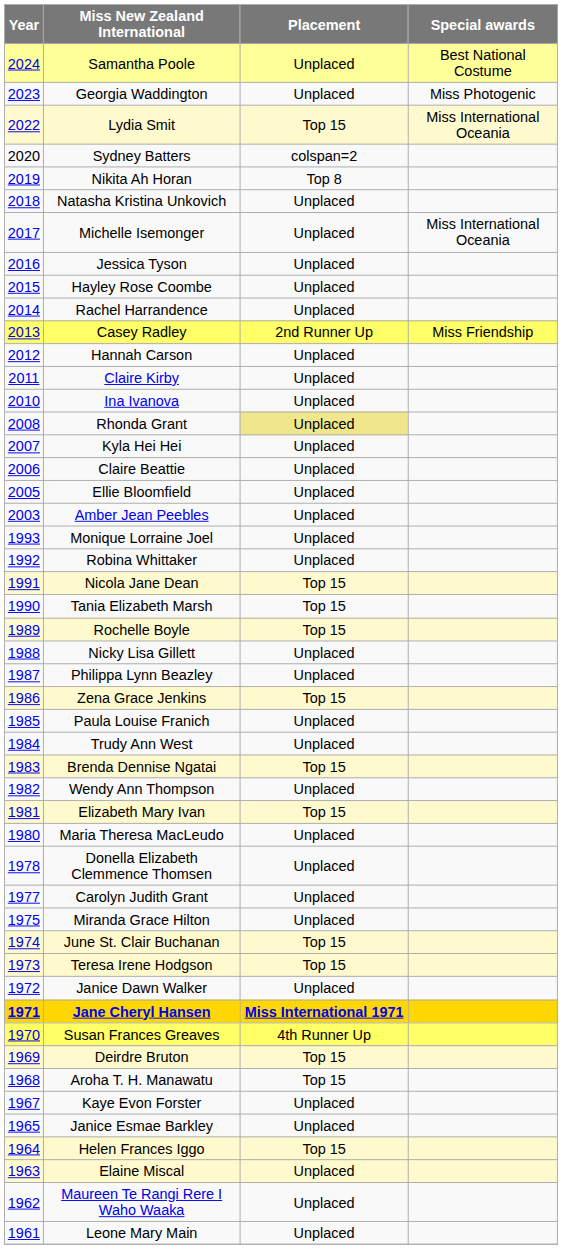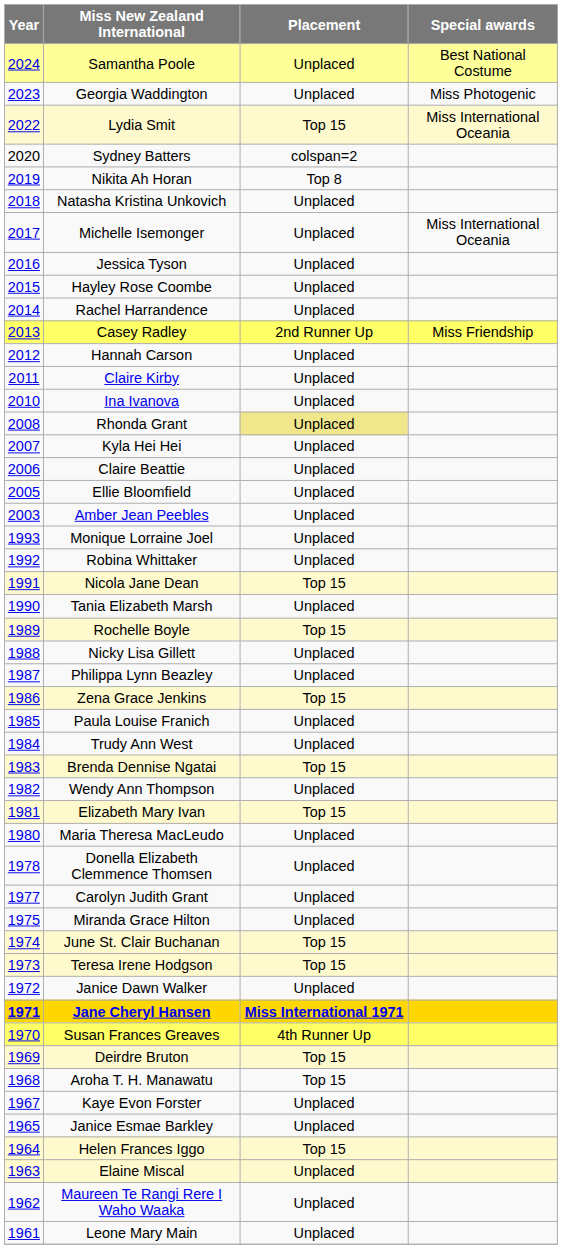 <table class="wikitable sortable" style="font-size: 95%; text-align:center">
 <tr>
 <th width="30" style="background-color:#787878;color:#FFFFFF;">Year</th>
 <th width="200" style="background-color:#787878;color:#FFFFFF;">Miss New Zealand International</th>
 <th width="170" style="background-color:#787878;color:#FFFFFF;">Placement</th>
 <th width="150" style="background-color:#787878;color:#FFFFFF;">Special awards</th>
 </tr>
 <tr style="background-color:#FFFF99;">
 <td><a href='#'>2024</a></td>
 <td>Samantha Poole</td>
 <td>Unplaced</td>
 <td>Best National Costume</td>
 </tr>
 <tr>
 <td><a href='#'>2023</a></td>
 <td>Georgia Waddington</td>
 <td>Unplaced</td>
 <td>Miss Photogenic</td>
 </tr>
 <tr style="background-color:#FFFACD;">
 <td><a href='#'>2022</a></td>
 <td>Lydia Smit</td>
 <td>Top 15</td>
 <td>Miss International Oceania</td>
 </tr>
 <tr>
 <td>2020</td>
 <td>Sydney Batters</td>
 <td>colspan=2 </td>
 </tr>
 <tr>
 <td><a href='#'>2019</a></td>
 <td>Nikita Ah Horan</td>
 <td>Top 8</td>
 <td></td>
 </tr>
 <tr>
 <td><a href='#'>2018</a></td>
 <td>Natasha Kristina Unkovich</td>
 <td>Unplaced</td>
 <td></td>
 </tr>
 <tr>
 <td><a href='#'>2017</a></td>
 <td>Michelle Isemonger</td>
 <td>Unplaced</td>
 <td>Miss International Oceania</td>
 </tr>
 <tr>
 <td><a href='#'>2016</a></td>
 <td>Jessica Tyson</td>
 <td>Unplaced</td>
 <td></td>
 </tr>
 <tr>
 <td><a href='#'>2015</a></td>
 <td>Hayley Rose Coombe</td>
 <td>Unplaced</td>
 <td></td>
 </tr>
 <tr>
 <td><a href='#'>2014</a></td>
 <td>Rachel Harrandence</td>
 <td>Unplaced</td>
 <td></td>
 </tr>
 <tr style="background-color:#FFFF66;">
 <td><a href='#'>2013</a></td>
 <td>Casey Radley</td>
 <td>2nd Runner Up</td>
 <td>Miss Friendship</td>
 </tr>
 <tr>
 <td><a href='#'>2012</a></td>
 <td>Hannah Carson</td>
 <td>Unplaced</td>
 <td></td>
 </tr>
 <tr>
 <td><a href='#'>2011</a></td>
 <td><a href='#'>Claire Kirby</a></td>
 <td>Unplaced</td>
 <td></td>
 </tr>
 <tr>
 <td><a href='#'>2010</a></td>
 <td><a href='#'>Ina Ivanova</a></td>
 <td>Unplaced</td>
 <td></td>
 </tr>
 <tr>
 <td><a href='#'>2008</a></td>
 <td>Rhonda Grant</td>
 <td style="background: khaki;">Unplaced</td>
 <td></td>
 </tr>
 <tr>
 <td><a href='#'>2007</a></td>
 <td>Kyla Hei Hei</td>
 <td>Unplaced</td>
 <td></td>
 </tr>
 <tr>
 <td><a href='#'>2006</a></td>
 <td>Claire Beattie</td>
 <td>Unplaced</td>
 <td></td>
 </tr>
 <tr>
 <td><a href='#'>2005</a></td>
 <td>Ellie Bloomfield</td>
 <td>Unplaced</td>
 <td></td>
 </tr>
 <tr>
 <td><a href='#'>2003</a></td>
 <td><a href='#'>Amber Jean Peebles</a></td>
 <td>Unplaced</td>
 <td></td>
 </tr>
 <tr>
 <td><a href='#'>1993</a></td>
 <td>Monique Lorraine Joel</td>
 <td>Unplaced</td>
 <td></td>
 </tr>
 <tr>
 <td><a href='#'>1992</a></td>
 <td>Robina Whittaker</td>
 <td>Unplaced</td>
 <td></td>
 </tr>
 <tr style="background-color:#FFFACD;">
 <td><a href='#'>1991</a></td>
 <td>Nicola Jane Dean</td>
 <td>Top 15</td>
 <td></td>
 </tr>
 <tr>
 <td><a href='#'>1990</a></td>
 <td>Tania Elizabeth Marsh</td>
-<td>Top 15</td>
+<td>Unplaced</td>
 <td></td>
 </tr>
 <tr style="background-color:#FFFACD;">
 <td><a href='#'>1989</a></td>
 <td>Rochelle Boyle</td>
 <td>Top 15</td>
 <td></td>
 </tr>
 <tr>
 <td><a href='#'>1988</a></td>
 <td>Nicky Lisa Gillett</td>
 <td>Unplaced</td>
 <td></td>
 </tr>
 <tr>
 <td><a href='#'>1987</a></td>
 <td>Philippa Lynn Beazley</td>
 <td>Unplaced</td>
 <td></td>
 </tr>
 <tr style="background-color:#FFFACD;">
 <td><a href='#'>1986</a></td>
 <td>Zena Grace Jenkins</td>
 <td>Top 15</td>
 <td></td>
 </tr>
 <tr>
 <td><a href='#'>1985</a></td>
 <td>Paula Louise Franich</td>
 <td>Unplaced</td>
 <td></td>
 </tr>
 <tr>
 <td><a href='#'>1984</a></td>
 <td>Trudy Ann West</td>
 <td>Unplaced</td>
 <td></td>
 </tr>
 <tr style="background-color:#FFFACD;">
 <td><a href='#'>1983</a></td>
 <td>Brenda Dennise Ngatai</td>
 <td>Top 15</td>
 <td></td>
 </tr>
 <tr>
 <td><a href='#'>1982</a></td>
 <td>Wendy Ann Thompson</td>
 <td>Unplaced</td>
 <td></td>
 </tr>
 <tr style="background-color:#FFFACD;">
 <td><a href='#'>1981</a></td>
 <td>Elizabeth Mary Ivan</td>
 <td>Top 15</td>
 <td></td>
 </tr>
 <tr>
 <td><a href='#'>1980</a></td>
 <td>Maria Theresa MacLeudo</td>
 <td>Unplaced</td>
 <td></td>
 </tr>
 <tr>
 <td><a href='#'>1978</a></td>
 <td>Donella Elizabeth Clemmence Thomsen</td>
 <td>Unplaced</td>
 <td></td>
 </tr>
 <tr>
 <td><a href='#'>1977</a></td>
 <td>Carolyn Judith Grant</td>
 <td>Unplaced</td>
 <td></td>
 </tr>
 <tr>
 <td><a href='#'>1975</a></td>
 <td>Miranda Grace Hilton</td>
 <td>Unplaced</td>
 <td></td>
 </tr>
 <tr style="background-color:#FFFACD;">
 <td><a href='#'>1974</a></td>
 <td>June St. Clair Buchanan</td>
 <td>Top 15</td>
 <td></td>
 </tr>
 <tr style="background-color:#FFFACD;">
 <td><a href='#'>1973</a></td>
 <td>Teresa Irene Hodgson</td>
 <td>Top 15</td>
 <td></td>
 </tr>
 <tr>
 <td><a href='#'>1972</a></td>
 <td>Janice Dawn Walker</td>
 <td>Unplaced</td>
 <td></td>
 </tr>
 <tr style="background-color:gold;">
 <td><strong><a href='#'>1971</a></strong></td>
 <td><strong><a href='#'>Jane Cheryl Hansen</a></strong></td>
 <td><strong><a href='#'>Miss International 1971</a></strong></td>
 <td></td>
 </tr>
 <tr style="background-color:#FFFF66;">
 <td><a href='#'>1970</a></td>
 <td>Susan Frances Greaves</td>
 <td>4th Runner Up</td>
 <td></td>
 </tr>
 <tr style="background-color:#FFFACD;">
 <td><a href='#'>1969</a></td>
 <td>Deirdre Bruton</td>
 <td>Top 15</td>
 <td></td>
 </tr>
 <tr>
 <td><a href='#'>1968</a></td>
 <td>Aroha T. H. Manawatu</td>
 <td>Top 15</td>
 <td></td>
 </tr>
 <tr>
 <td><a href='#'>1967</a></td>
 <td>Kaye Evon Forster</td>
 <td>Unplaced</td>
 <td></td>
 </tr>
 <tr>
 <td><a href='#'>1965</a></td>
 <td>Janice Esmae Barkley</td>
 <td>Unplaced</td>
 <td></td>
 </tr>
 <tr style="background-color:#FFFACD;">
 <td><a href='#'>1964</a></td>
 <td>Helen Frances Iggo</td>
 <td>Top 15</td>
 <td></td>
 </tr>
 <tr style="background-color:#FFFACD;">
 <td><a href='#'>1963</a></td>
 <td>Elaine Miscal</td>
 <td>Unplaced</td>
 <td></td>
 </tr>
 <tr>
 <td><a href='#'>1962</a></td>
 <td><a href='#'>Maureen Te Rangi Rere I Waho Waaka</a></td>
 <td>Unplaced</td>
 <td></td>
 </tr>
 <tr>
 <td><a href='#'>1961</a></td>
 <td>Leone Mary Main</td>
 <td>Unplaced</td>
 <td></td>
 </tr>
 <tr>
 </tr>
 </table>
